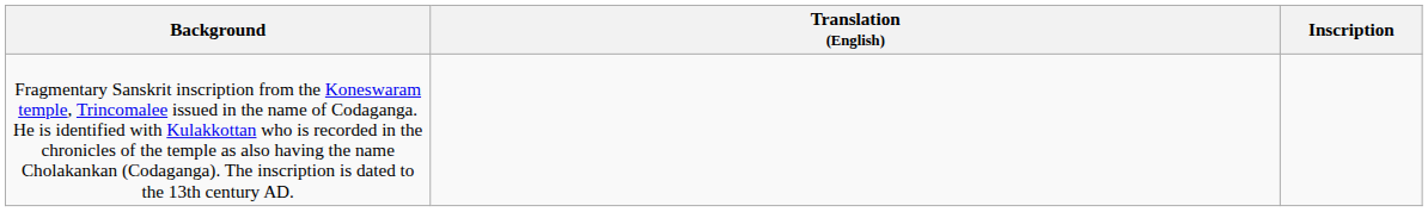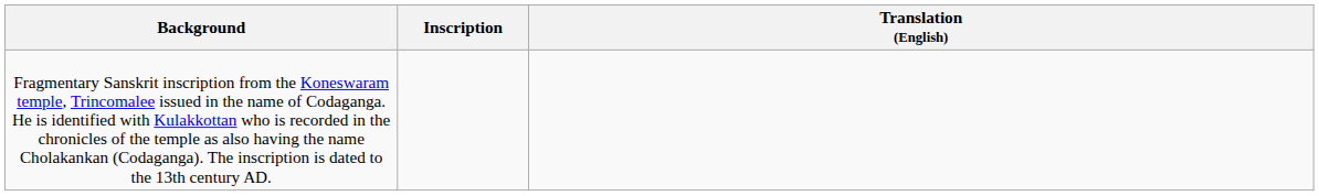 <table class="wikitable centre">
 <tr>
 <th scope="col" align=left>Background<br></th>
+<th>Inscription<br></th>
 <th>Translation<br><small>(English)</small></th>
-<th>Inscription<br></th>
 </tr>
 <tr>
 <td align=center width="30%"><br>Fragmentary Sanskrit inscription from the <a href='#'>Koneswaram temple</a>, <a href='#'>Trincomalee</a> issued in the name of Codaganga.<br>He is identified with <a href='#'>Kulakkottan</a> who is recorded in the chronicles of the temple as also having the name Cholakankan (Codaganga). The inscription is dated to the 13th century AD.</td>
+<td align=center width="10%"><br></td>
 <td align=left><br></td>
-<td align=center width="10%"><br></td>
 </tr>
 </table>
